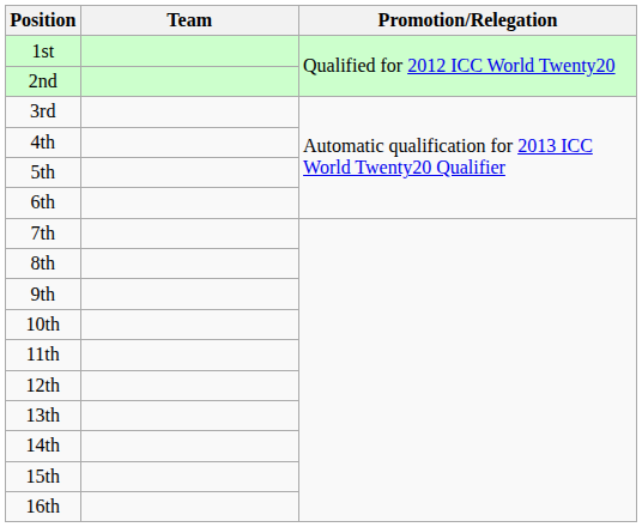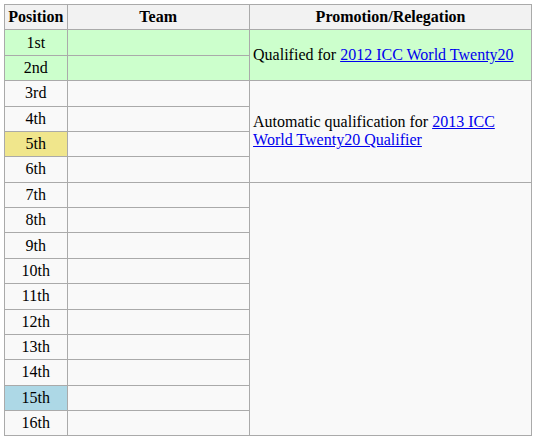 <table class="wikitable">
 <tr>
 <th width=50>Position</th>
 <th width=175>Team</th>
 <th width=275>Promotion/Relegation</th>
 </tr>
 <tr style="background:#cfc;">
 <td style="text-align:center;">1st</td>
 <td></td>
 <td rowspan=2>Qualified for <a href='#'>2012 ICC World Twenty20</a></td>
 </tr>
 <tr style="background:#cfc;">
 <td style="text-align:center;">2nd</td>
 <td></td>
 </tr>
 <tr>
 <td style="text-align:center;">3rd</td>
 <td></td>
 <td rowspan=4>Automatic qualification for <a href='#'>2013 ICC World Twenty20 Qualifier</a></td>
 </tr>
 <tr>
 <td style="text-align:center;">4th</td>
 <td></td>
 </tr>
 <tr>
-<td style="text-align:center;">5th</td>
+<td style="background: khaki; text-align:center;">5th</td>
 <td></td>
 </tr>
 <tr>
 <td style="text-align:center;">6th</td>
 <td></td>
 </tr>
 <tr>
 <td style="text-align:center;">7th</td>
 <td></td>
 </tr>
 <tr>
 <td style="text-align:center;">8th</td>
 <td></td>
 </tr>
 <tr>
 <td style="text-align:center;">9th</td>
 <td></td>
 </tr>
 <tr>
 <td style="text-align:center;">10th</td>
 <td></td>
 </tr>
 <tr>
 <td style="text-align:center;">11th</td>
 <td></td>
 </tr>
 <tr>
 <td style="text-align:center;">12th</td>
 <td></td>
 </tr>
 <tr>
 <td style="text-align:center;">13th</td>
 <td></td>
 </tr>
 <tr>
 <td style="text-align:center;">14th</td>
 <td></td>
 </tr>
 <tr>
-<td style="text-align:center;">15th</td>
+<td style="background: lightblue; text-align:center;">15th</td>
 <td></td>
 </tr>
 <tr>
 <td style="text-align:center;">16th</td>
 <td></td>
 </tr>
 </table>
